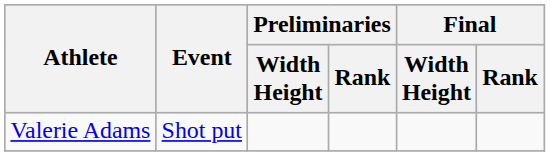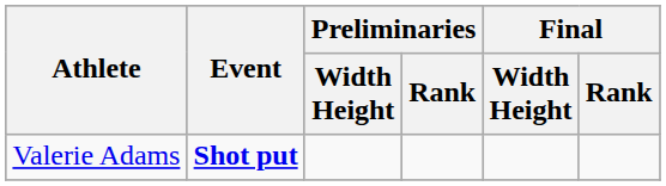 <table class=wikitable style="font-size:90%;">
 <tr>
 <th rowspan="2">Athlete</th>
 <th rowspan="2">Event</th>
 <th colspan="2">Preliminaries</th>
 <th colspan="2">Final</th>
 </tr>
 <tr>
 <th>Width<br>Height</th>
 <th>Rank</th>
 <th>Width<br>Height</th>
 <th>Rank</th>
 </tr>
 <tr style="border-top: single;">
 <td><a href='#'>Valerie Adams</a></td>
-<td><a href='#'>Shot put</a></td>
+<td><strong><a href='#'>Shot put</a></strong></td>
 <td align=center></td>
 <td align=center></td>
 <td align=center></td>
 <td align=center></td>
 </tr>
 </table>
